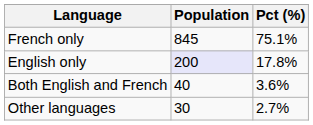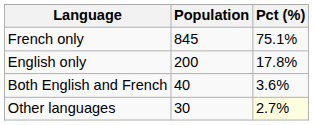 <table class="wikitable">
 <tr>
 </tr>
 <tr>
 <th>Language</th>
 <th>Population</th>
 <th>Pct (%)</th>
 </tr>
 <tr>
 <td>French only</td>
 <td>845</td>
 <td>75.1%</td>
 </tr>
 <tr>
 <td>English only</td>
-<td style="background: lavender;">200</td>
+<td>200</td>
 <td>17.8%</td>
 </tr>
 <tr>
 <td>Both English and French</td>
 <td>40</td>
 <td>3.6%</td>
 </tr>
 <tr>
 <td>Other languages</td>
 <td>30</td>
-<td>2.7%</td>
+<td style="background: lightyellow;">2.7%</td>
 </tr>
 </table>
